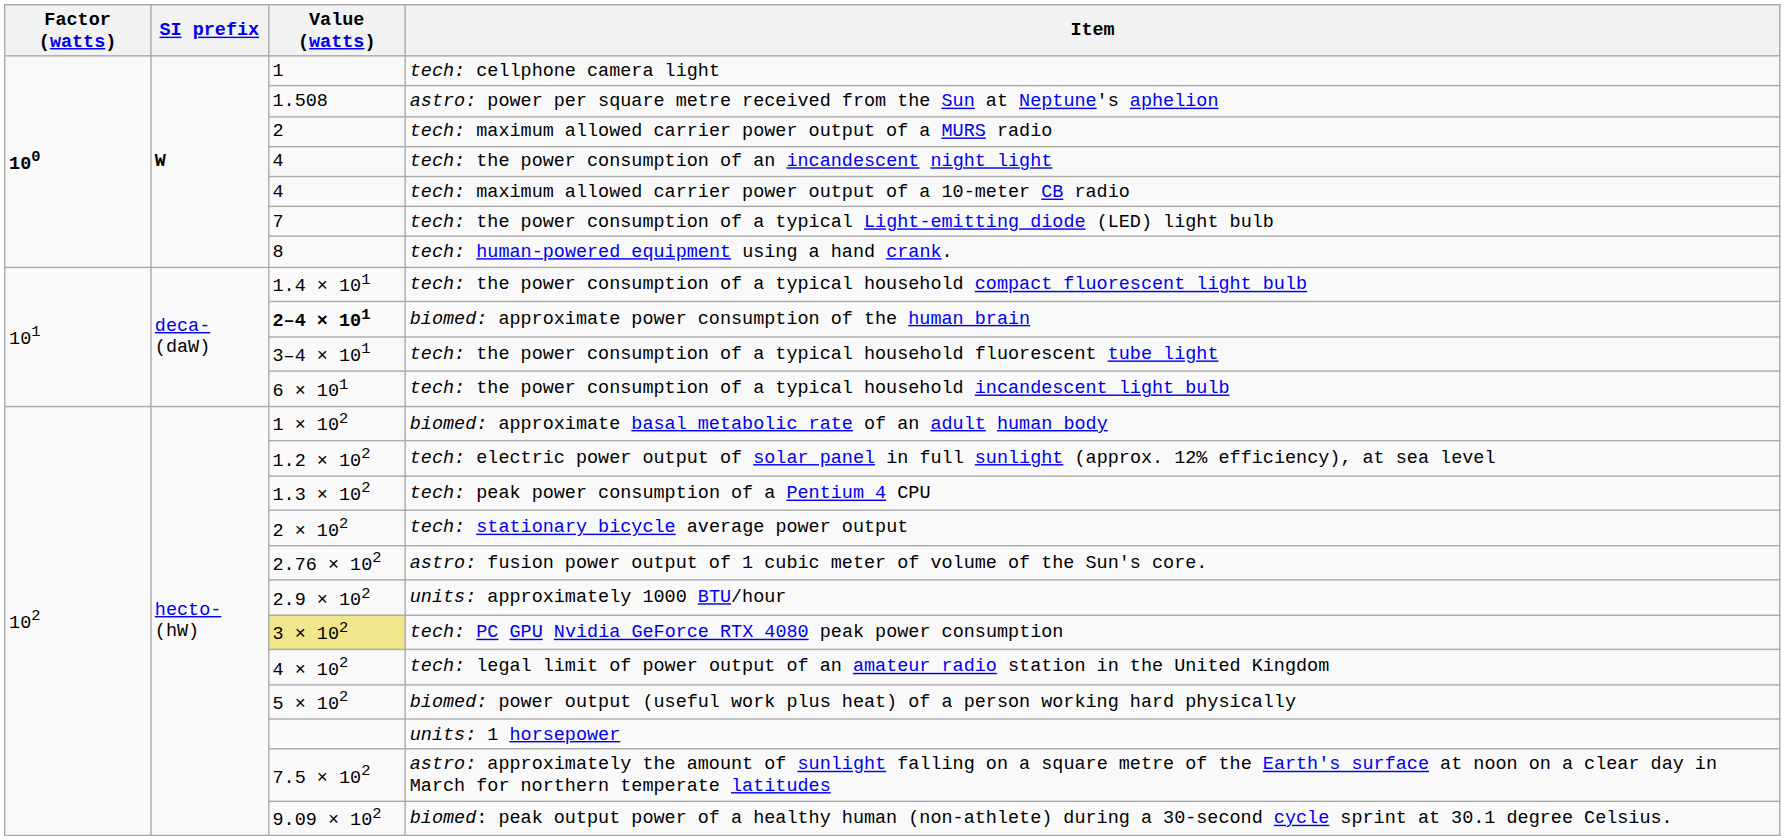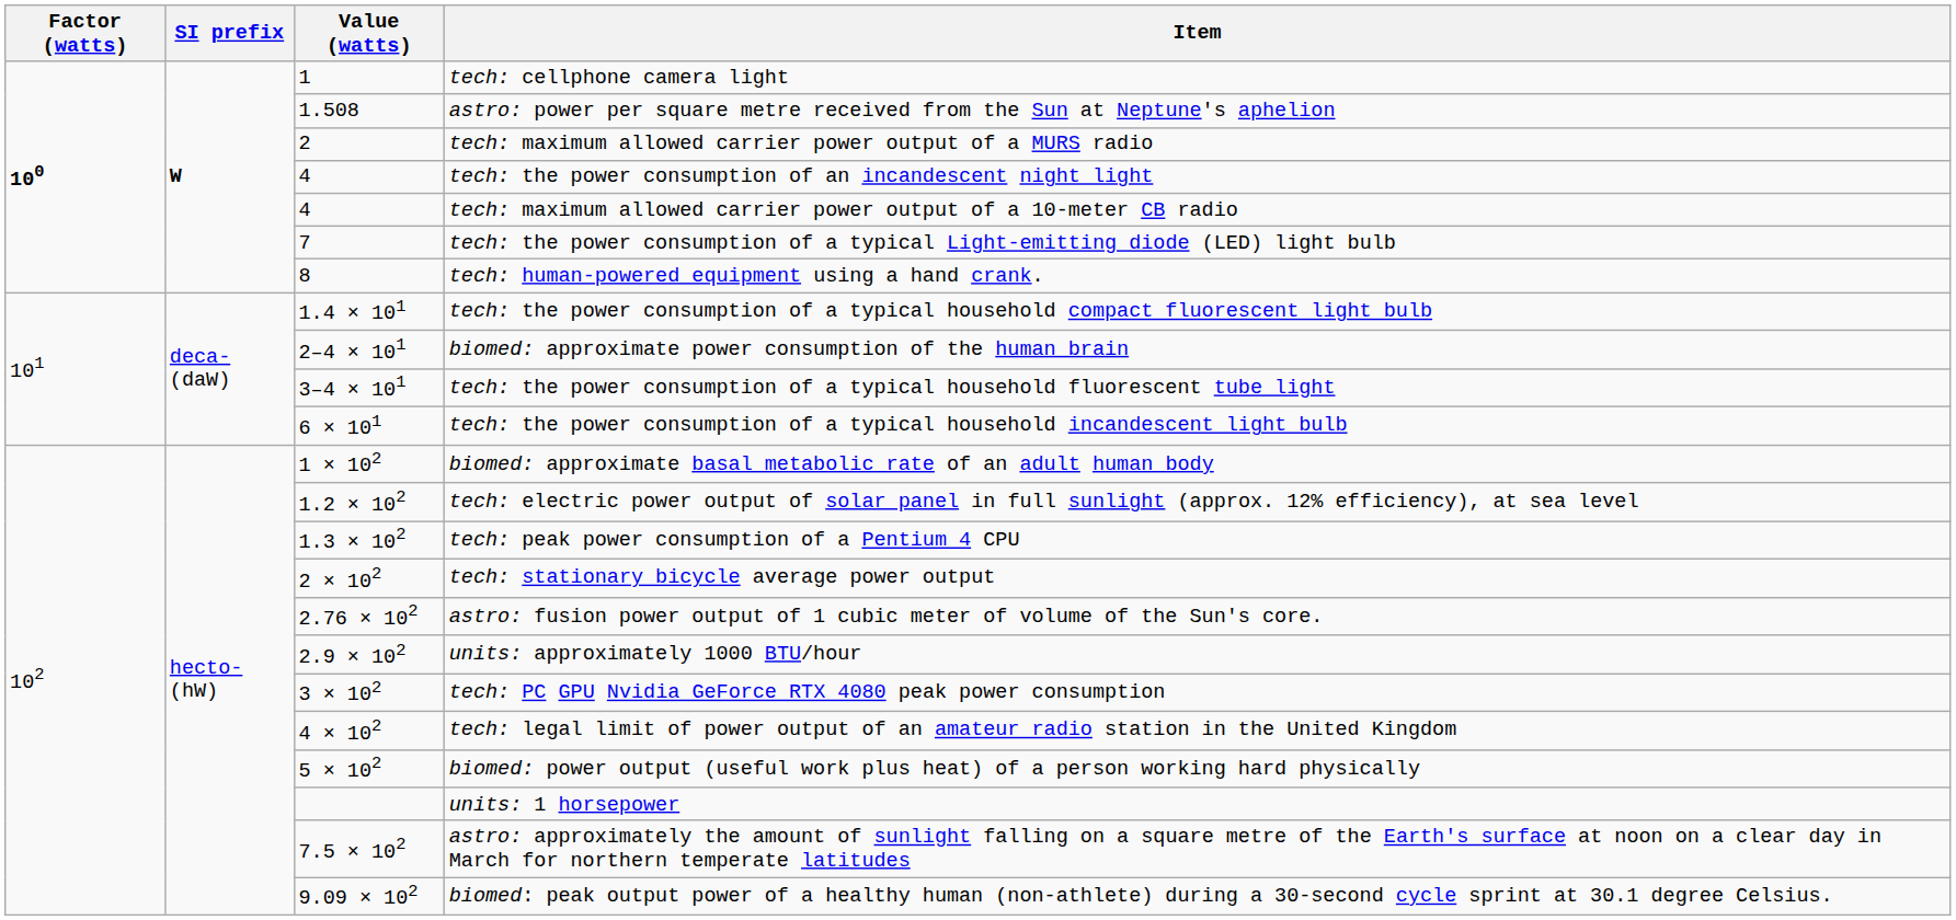 <table class="wikitable">
 <tr>
 <th>Factor (<a href='#'>watts</a>)</th>
 <th><a href='#'>SI</a> <a href='#'>prefix</a></th>
 <th>Value (<a href='#'>watts</a>)</th>
 <th>Item</th>
 </tr>
 <tr>
 <td rowspan="7"><strong>10<sup>0</sup></strong></td>
 <td rowspan="7"><strong>W</strong></td>
 <td>1</td>
 <td><em>tech:</em> cellphone camera light</td>
 </tr>
 <tr>
 <td>1.508</td>
 <td><em>astro:</em> power per square metre received from the <a href='#'>Sun</a> at <a href='#'>Neptune</a>'s <a href='#'>aphelion</a></td>
 </tr>
 <tr>
 <td>2</td>
 <td><em>tech:</em> maximum allowed carrier power output of a <a href='#'>MURS</a> radio</td>
 </tr>
 <tr>
 <td>4</td>
 <td><em>tech:</em> the power consumption of an <a href='#'>incandescent</a> <a href='#'>night light</a></td>
 </tr>
 <tr>
 <td>4</td>
 <td><em>tech:</em> maximum allowed carrier power output of a 10-meter <a href='#'>CB</a> radio</td>
 </tr>
 <tr>
 <td>7</td>
 <td><em>tech:</em> the power consumption of a typical <a href='#'>Light-emitting diode</a> (LED) light bulb</td>
 </tr>
 <tr>
 <td>8</td>
 <td><em>tech:</em> <a href='#'>human-powered equipment</a> using a hand <a href='#'>crank</a>.</td>
 </tr>
 <tr>
 <td rowspan=4>10<sup>1</sup></td>
 <td rowspan=4><a href='#'>deca-</a> (daW)</td>
 <td>1.4 × 10<sup>1</sup></td>
 <td><em>tech:</em> the power consumption of a typical household <a href='#'>compact fluorescent light bulb</a></td>
 </tr>
 <tr>
-<td><strong>2–4 × 10<sup>1</sup></strong></td>
+<td>2–4 × 10<sup>1</sup></td>
 <td><em>biomed:</em> approximate power consumption of the <a href='#'>human brain</a></td>
 </tr>
 <tr>
 <td>3–4 × 10<sup>1</sup></td>
 <td><em>tech:</em> the power consumption of a typical household fluorescent <a href='#'>tube light</a></td>
 </tr>
 <tr>
 <td>6 × 10<sup>1</sup></td>
 <td><em>tech:</em> the power consumption of a typical household <a href='#'>incandescent light bulb</a></td>
 </tr>
 <tr>
 <td rowspan="12">10<sup>2</sup></td>
 <td rowspan="12"><a href='#'>hecto-</a> (hW)</td>
 <td>1 × 10<sup>2</sup></td>
 <td><em>biomed:</em> approximate <a href='#'>basal metabolic rate</a> of an <a href='#'>adult</a> <a href='#'>human body</a></td>
 </tr>
 <tr>
 <td>1.2 × 10<sup>2</sup></td>
 <td><em>tech:</em> electric power output of  <a href='#'>solar panel</a> in full <a href='#'>sunlight</a> (approx. 12% efficiency), at sea level</td>
 </tr>
 <tr>
 <td>1.3 × 10<sup>2</sup></td>
 <td><em>tech:</em> peak power consumption of a <a href='#'>Pentium 4</a> CPU</td>
 </tr>
 <tr>
 <td>2 × 10<sup>2</sup></td>
 <td><em>tech:</em> <a href='#'>stationary bicycle</a> average power output</td>
 </tr>
 <tr>
 <td>2.76 × 10<sup>2</sup></td>
 <td><em>astro:</em> fusion power output of 1 cubic meter of volume of the Sun's core.</td>
 </tr>
 <tr>
 <td>2.9 × 10<sup>2</sup></td>
 <td><em>units:</em> approximately 1000 <a href='#'>BTU</a>/hour</td>
 </tr>
 <tr>
-<td style="background: khaki;">3 × 10<sup>2</sup></td>
+<td>3 × 10<sup>2</sup></td>
 <td><em>tech:</em> <a href='#'>PC</a> <a href='#'>GPU</a> <a href='#'>Nvidia GeForce RTX 4080</a> peak power consumption</td>
 </tr>
 <tr>
 <td>4 × 10<sup>2</sup></td>
 <td><em>tech:</em> legal limit of power output of an <a href='#'>amateur radio</a> station in the United Kingdom</td>
 </tr>
 <tr>
 <td>5 × 10<sup>2</sup></td>
 <td><em>biomed:</em> power output (useful work plus heat) of a person working hard physically</td>
 </tr>
 <tr>
 <td></td>
 <td><em>units:</em> 1 <a href='#'>horsepower</a></td>
 </tr>
 <tr>
 <td>7.5 × 10<sup>2</sup></td>
 <td><em>astro:</em> approximately the amount of <a href='#'>sunlight</a> falling on a square metre of the <a href='#'>Earth's surface</a> at noon on a clear day in March for northern temperate <a href='#'>latitudes</a></td>
 </tr>
 <tr>
 <td>9.09 × 10<sup>2</sup></td>
 <td><em>biomed</em>: peak output power of a healthy human (non-athlete) during a 30-second <a href='#'>cycle</a> sprint at 30.1 degree Celsius.</td>
 </tr>
 </table>
